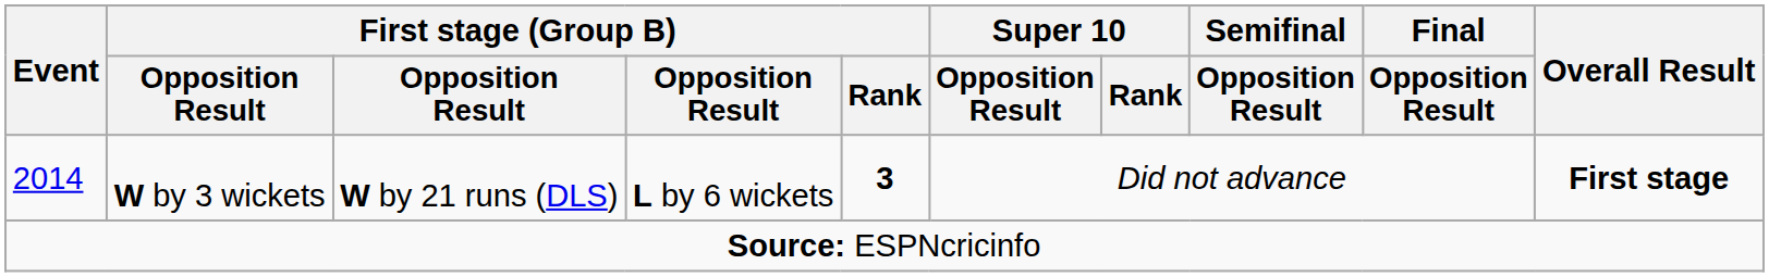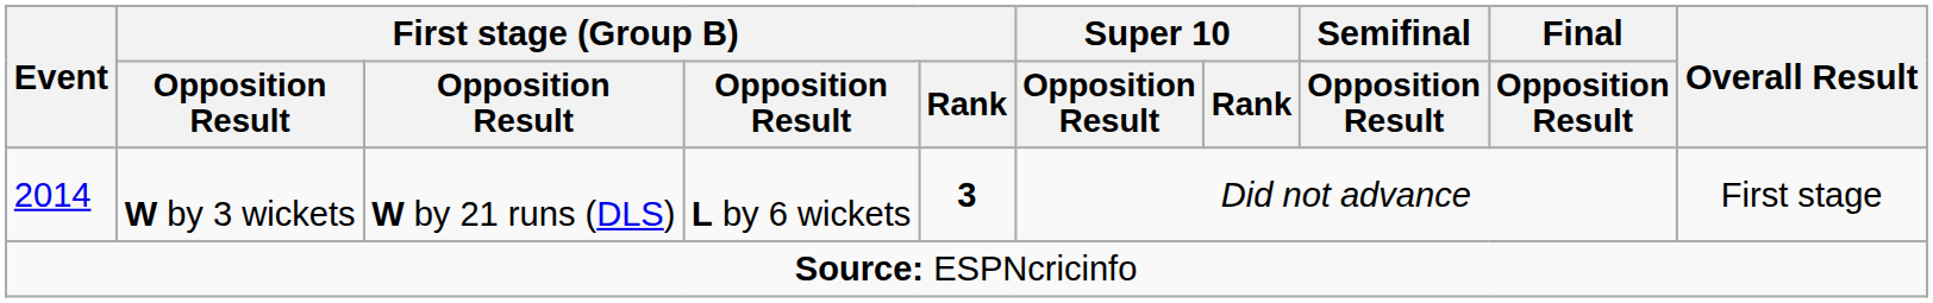 <table class=wikitable style=font-size:90%;text-align:center>
 <tr>
 <th rowspan=2>Event</th>
 <th colspan=4>First stage (Group B)</th>
 <th colspan=2>Super 10</th>
 <th>Semifinal</th>
 <th>Final</th>
 <th rowspan=2>Overall Result</th>
 </tr>
 <tr style=font-size:95%>
 <th>Opposition<br>Result</th>
 <th>Opposition<br>Result</th>
 <th>Opposition<br>Result</th>
 <th>Rank</th>
 <th>Opposition<br>Result</th>
 <th>Rank</th>
 <th>Opposition<br>Result</th>
 <th>Opposition<br>Result</th>
 </tr>
 <tr>
 <td align=left><a href='#'>2014</a></td>
 <td><br><strong>W</strong> by 3 wickets</td>
 <td><br><strong>W</strong> by 21 runs (<a href='#'>DLS</a>)</td>
 <td><br><strong>L</strong> by 6 wickets</td>
 <td><strong>3</strong></td>
 <td colspan=4><em>Did not advance</em></td>
-<td><strong>First stage</strong></td>
+<td>First stage</td>
 </tr>
 <tr>
 <td colspan="11"><strong>Source:</strong> ESPNcricinfo</td>
 </tr>
 </table>
